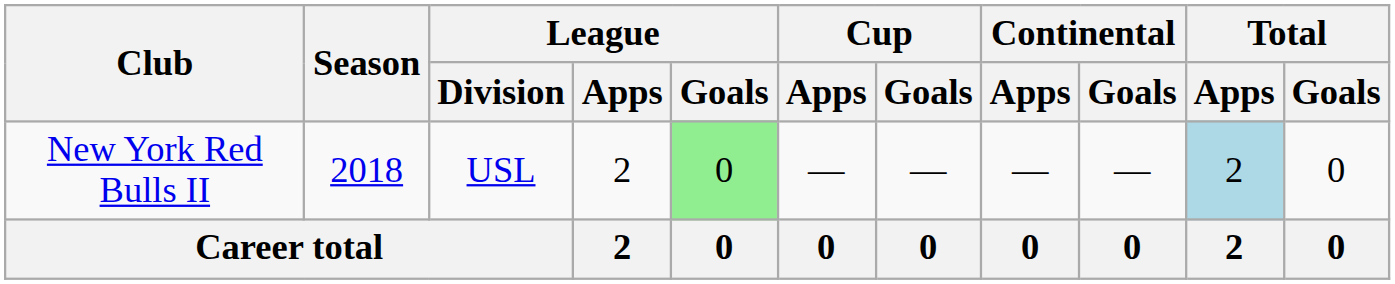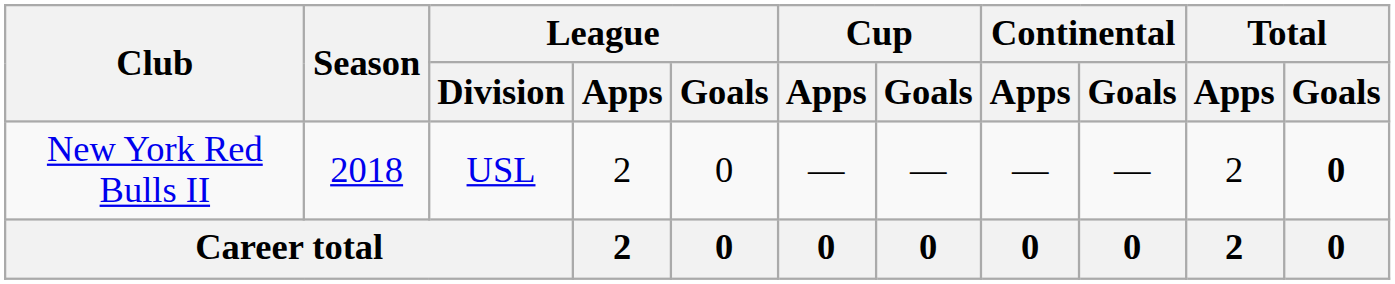 <table class="wikitable" style="text-align: center;">
 <tr>
 <th rowspan="2">Club</th>
 <th rowspan="2">Season</th>
 <th colspan="3">League</th>
 <th colspan="2">Cup</th>
 <th colspan="2">Continental</th>
 <th colspan="2">Total</th>
 </tr>
 <tr>
 <th>Division</th>
 <th>Apps</th>
 <th>Goals</th>
 <th>Apps</th>
 <th>Goals</th>
 <th>Apps</th>
 <th>Goals</th>
 <th>Apps</th>
 <th>Goals</th>
 </tr>
 <tr>
 <td rowspan="1"><a href='#'>New York Red Bulls II</a></td>
 <td><a href='#'>2018</a></td>
 <td><a href='#'>USL</a></td>
 <td>2</td>
-<td style="background: lightgreen;">0</td>
+<td>0</td>
 <td>—</td>
 <td>—</td>
 <td>—</td>
 <td>—</td>
-<td style="background: lightblue;">2</td>
-<td>0</td>
+<td>2</td>
+<td><strong>0</strong></td>
 </tr>
 <tr>
 <th colspan="3">Career total</th>
 <th>2</th>
 <th>0</th>
 <th>0</th>
 <th>0</th>
 <th>0</th>
 <th>0</th>
 <th>2</th>
 <th>0</th>
 </tr>
 </table>
